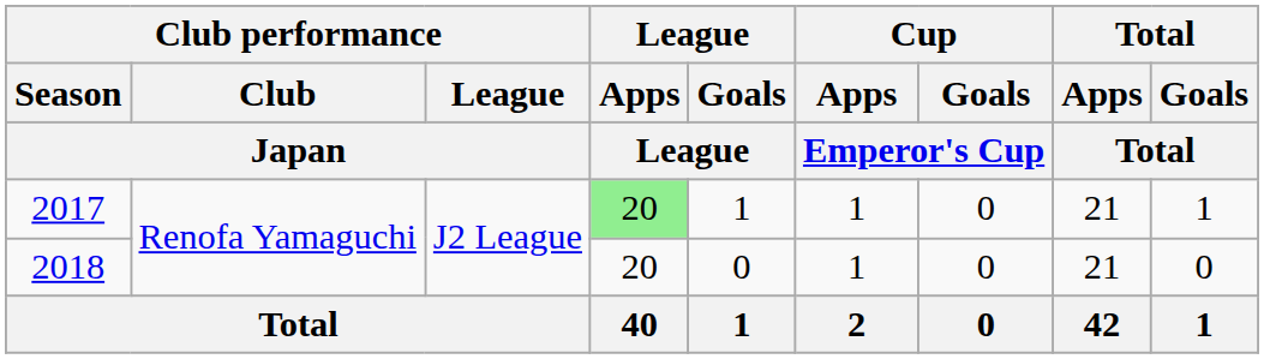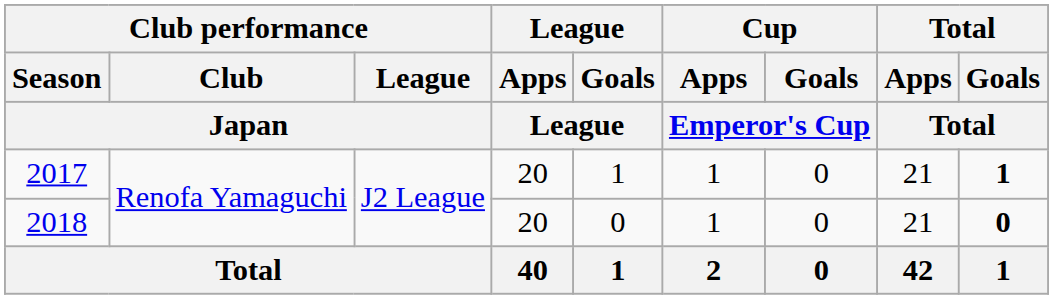 <table class="wikitable" style="text-align:center;">
 <tr>
 <th colspan=3>Club performance</th>
 <th colspan=2>League</th>
 <th colspan=2>Cup</th>
 <th colspan=2>Total</th>
 </tr>
 <tr>
 <th>Season</th>
 <th>Club</th>
 <th>League</th>
 <th>Apps</th>
 <th>Goals</th>
 <th>Apps</th>
 <th>Goals</th>
 <th>Apps</th>
 <th>Goals</th>
 </tr>
 <tr>
 <th colspan=3>Japan</th>
 <th colspan=2>League</th>
 <th colspan=2><a href='#'>Emperor's Cup</a></th>
 <th colspan=2>Total</th>
 </tr>
 <tr>
 <td><a href='#'>2017</a></td>
 <td rowspan="2"><a href='#'>Renofa Yamaguchi</a></td>
 <td rowspan="2"><a href='#'>J2 League</a></td>
-<td style="background: lightgreen;">20</td>
+<td>20</td>
 <td>1</td>
 <td>1</td>
 <td>0</td>
 <td>21</td>
-<td>1</td>
+<td><strong>1</strong></td>
 </tr>
 <tr>
 <td><a href='#'>2018</a></td>
 <td>20</td>
 <td>0</td>
 <td>1</td>
 <td>0</td>
 <td>21</td>
-<td>0</td>
+<td><strong>0</strong></td>
 </tr>
 <tr>
 <th colspan=3>Total</th>
 <th>40</th>
 <th>1</th>
 <th>2</th>
 <th>0</th>
 <th>42</th>
 <th>1</th>
 </tr>
 </table>
